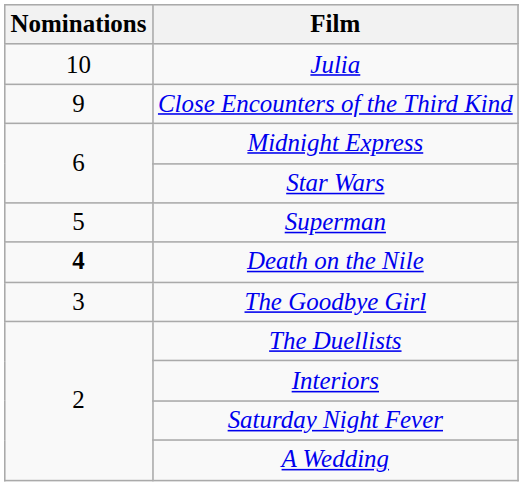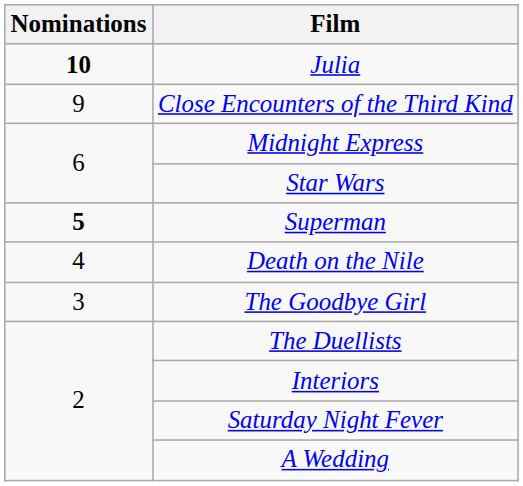 <table class="wikitable" style="text-align:center;">
 <tr>
 <th style="background:">Nominations</th>
 <th style="background:">Film</th>
 </tr>
 <tr>
-<td>10</td>
+<td><strong>10</strong></td>
 <td><em><a href='#'>Julia</a></em></td>
 </tr>
 <tr>
 <td>9</td>
 <td><em><a href='#'>Close Encounters of the Third Kind</a></em></td>
 </tr>
 <tr>
 <td rowspan="2">6</td>
 <td><em><a href='#'>Midnight Express</a></em></td>
 </tr>
 <tr>
 <td><em><a href='#'>Star Wars</a></em></td>
 </tr>
 <tr>
-<td>5</td>
+<td><strong>5</strong></td>
 <td><em><a href='#'>Superman</a></em></td>
 </tr>
 <tr>
-<td><strong>4</strong></td>
+<td>4</td>
 <td><em><a href='#'>Death on the Nile</a></em></td>
 </tr>
 <tr>
 <td>3</td>
 <td><em><a href='#'>The Goodbye Girl</a></em></td>
 </tr>
 <tr>
 <td rowspan="4">2</td>
 <td><em><a href='#'>The Duellists</a></em></td>
 </tr>
 <tr>
 <td><em><a href='#'>Interiors</a></em></td>
 </tr>
 <tr>
 <td><em><a href='#'>Saturday Night Fever</a></em></td>
 </tr>
 <tr>
 <td><em><a href='#'>A Wedding</a></em></td>
 </tr>
 </table>
